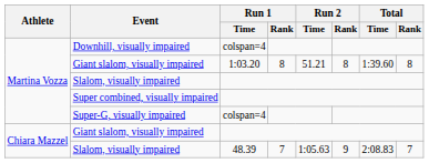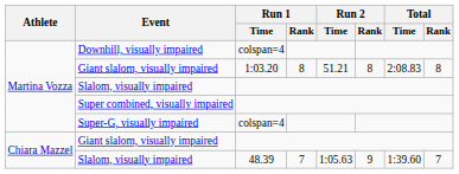 <table class="wikitable" style="font-size:90%">
 <tr>
 <th rowspan=2>Athlete</th>
 <th rowspan=2>Event</th>
 <th colspan=2>Run 1</th>
 <th colspan=2>Run 2</th>
 <th colspan=2>Total</th>
 </tr>
 <tr style="font-size:95%">
 <th>Time</th>
 <th>Rank</th>
 <th>Time</th>
 <th>Rank</th>
 <th>Time</th>
 <th>Rank</th>
 </tr>
 <tr align=center>
 <td style="text-align:left;" rowspan="5"><a href='#'>Martina Vozza</a><br></td>
 <td align=left><a href='#'>Downhill, visually impaired</a></td>
 <td>colspan=4 </td>
 <td colspan=2></td>
 </tr>
 <tr align=center>
 <td align=left><a href='#'>Giant slalom, visually impaired</a></td>
 <td>1:03.20</td>
 <td>8</td>
 <td>51.21</td>
 <td>8</td>
-<td>1:39.60</td>
+<td>2:08.83</td>
 <td>8</td>
 </tr>
 <tr align=center>
 <td align=left><a href='#'>Slalom, visually impaired</a></td>
 <td colspan=6></td>
 </tr>
 <tr align=center>
 <td align=left><a href='#'>Super combined, visually impaired</a></td>
 <td colspan=6></td>
 </tr>
 <tr align=center>
 <td align=left><a href='#'>Super-G, visually impaired</a></td>
 <td>colspan=4 </td>
 <td colspan=2></td>
 </tr>
 <tr align=center>
 <td style="text-align:left;" rowspan="2"><a href='#'>Chiara Mazzel</a><br></td>
 <td align=left><a href='#'>Giant slalom, visually impaired</a></td>
 <td colspan=6></td>
 </tr>
 <tr align=center>
 <td align=left><a href='#'>Slalom, visually impaired</a></td>
 <td>48.39</td>
 <td>7</td>
 <td>1:05.63</td>
 <td>9</td>
-<td>2:08.83</td>
+<td>1:39.60</td>
 <td>7</td>
 </tr>
 </table>
